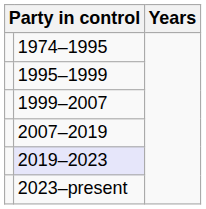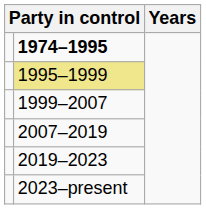 <table class="wikitable">
 <tr>
 <th colspan=2>Party in control</th>
 <th>Years</th>
 </tr>
 <tr>
 <td></td>
-<td>1974–1995</td>
+<td><strong>1974–1995</strong></td>
 </tr>
 <tr>
 <td></td>
-<td>1995–1999</td>
+<td style="background: khaki;">1995–1999</td>
 </tr>
 <tr>
 <td></td>
 <td>1999–2007</td>
 </tr>
 <tr>
 <td></td>
 <td>2007–2019</td>
 </tr>
 <tr>
 <td></td>
-<td style="background: lavender;">2019–2023</td>
+<td>2019–2023</td>
 </tr>
 <tr>
 <td></td>
 <td>2023–present</td>
 </tr>
 </table>
